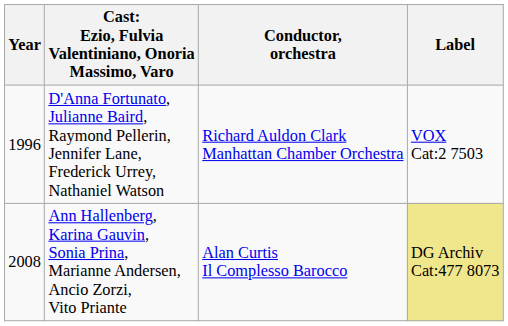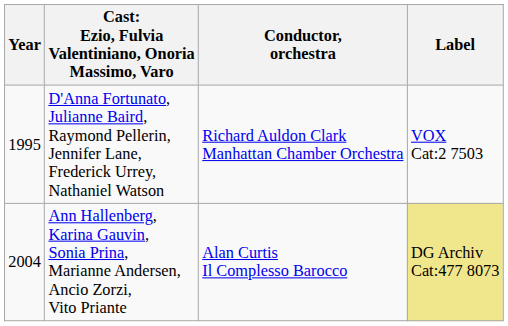 <table class="wikitable">
 <tr>
 <th>Year</th>
 <th>Cast:<br>Ezio, Fulvia <br>Valentiniano, Onoria<br>Massimo, Varo</th>
 <th>Conductor,<br>orchestra</th>
 <th>Label</th>
 </tr>
 <tr>
-<td>1996</td>
+<td>1995</td>
 <td><a href='#'>D'Anna Fortunato</a>,<br><a href='#'>Julianne Baird</a>,<br>Raymond Pellerin,<br>Jennifer Lane,<br>Frederick Urrey,<br>Nathaniel Watson</td>
 <td><a href='#'>Richard Auldon Clark</a><br><a href='#'>Manhattan Chamber Orchestra</a></td>
 <td><a href='#'>VOX</a><br>Cat:2 7503</td>
 </tr>
 <tr>
-<td>2008</td>
+<td>2004</td>
 <td><a href='#'>Ann Hallenberg</a>,<br><a href='#'>Karina Gauvin</a>,<br><a href='#'>Sonia Prina</a>,<br>Marianne Andersen,<br>Ancio Zorzi,<br>Vito Priante</td>
 <td><a href='#'>Alan Curtis</a><br><a href='#'>Il Complesso Barocco</a></td>
 <td style="background: khaki;">DG Archiv<br>Cat:477 8073</td>
 </tr>
 </table>
